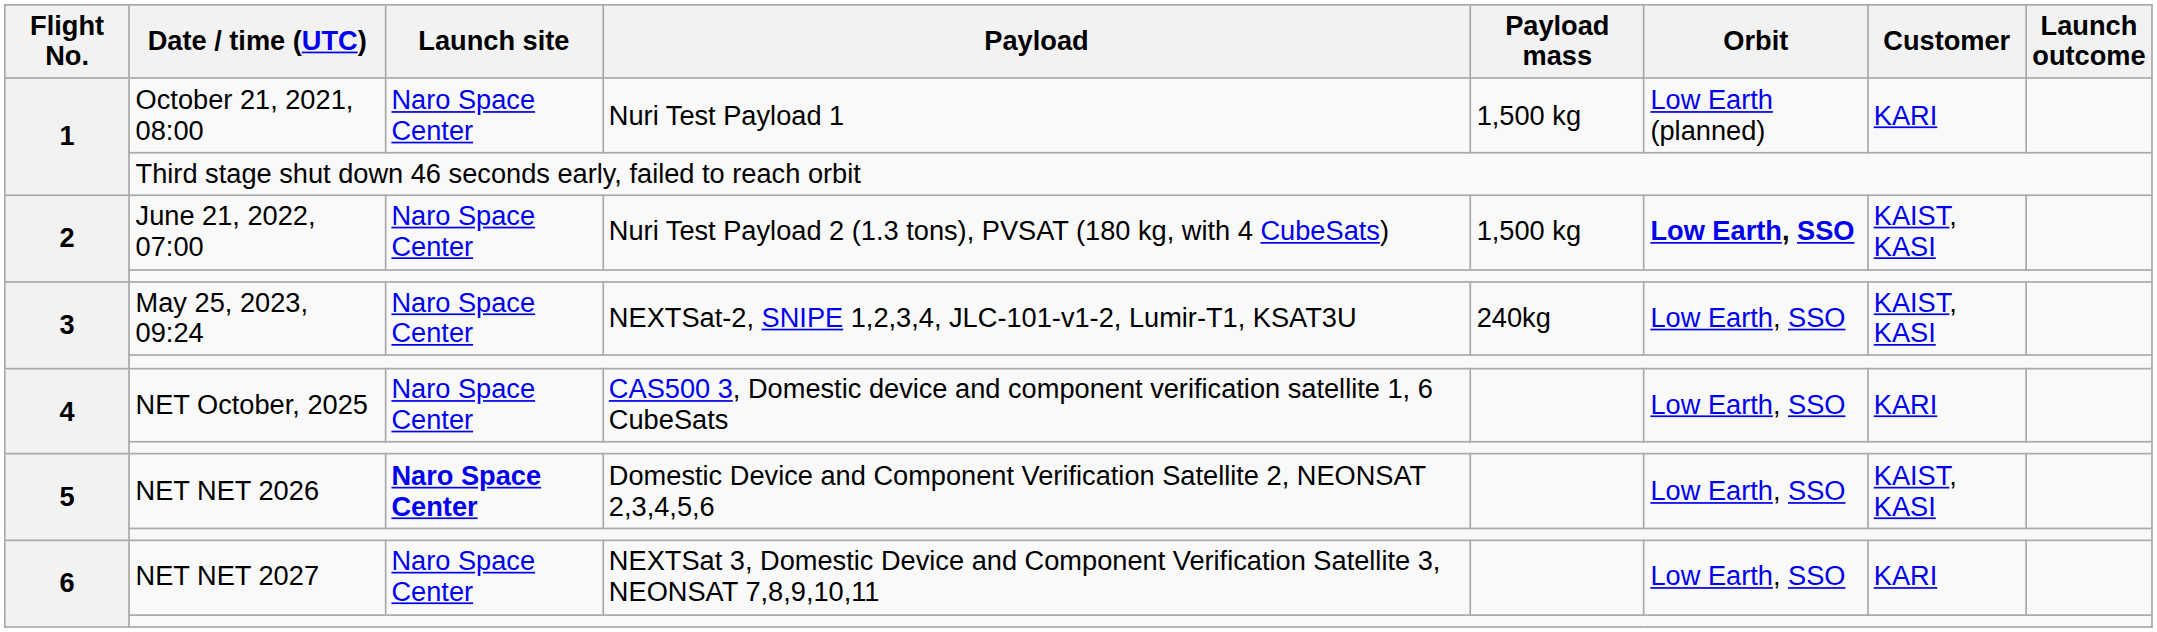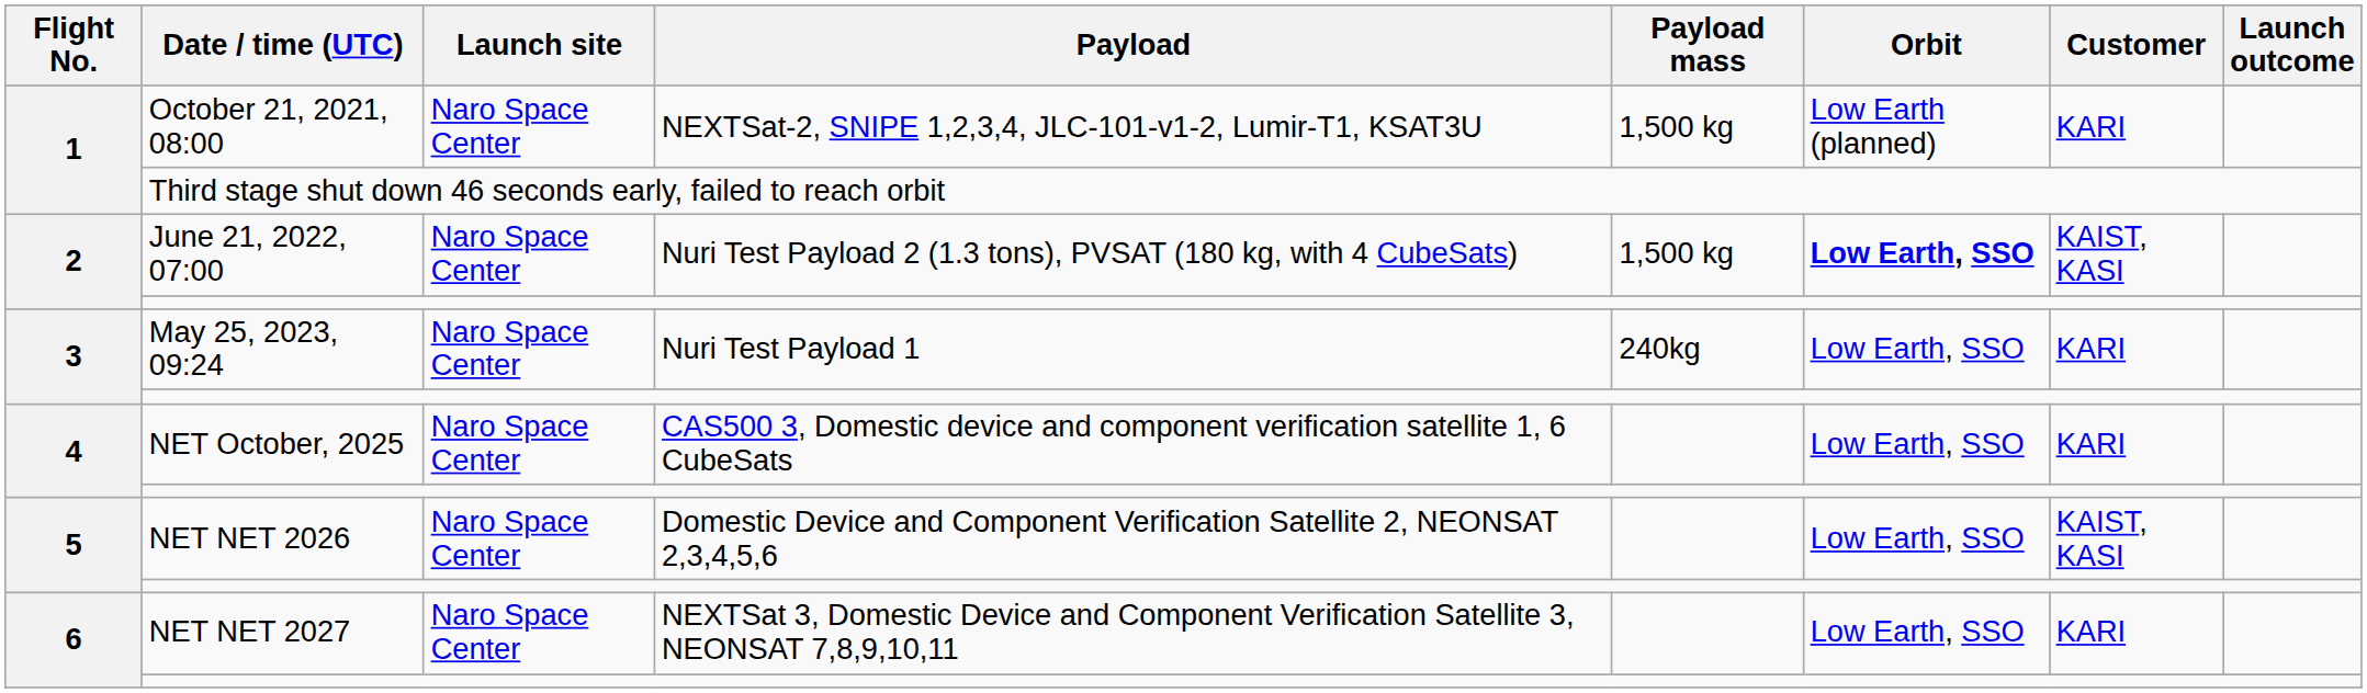 <table class="wikitable plainrowheaders" style="width: 100%;">
 <tr>
 <th scope="col">Flight No.</th>
 <th scope="col">Date / time (<a href='#'>UTC</a>)</th>
 <th scope="col">Launch site</th>
 <th scope="col">Payload</th>
 <th scope="col">Payload mass</th>
 <th scope="col">Orbit</th>
 <th scope="col">Customer</th>
 <th scope="col">Launch <br>outcome</th>
 </tr>
 <tr>
 <th scope="row" rowspan=2 style="text-align:center;"><strong>1</strong></th>
 <td>October 21, 2021, 08:00</td>
 <td><a href='#'>Naro Space Center</a></td>
-<td> Nuri Test Payload 1</td>
+<td> NEXTSat-2, <a href='#'>SNIPE</a> 1,2,3,4, JLC-101-v1-2, Lumir-T1, KSAT3U</td>
 <td>1,500 kg</td>
 <td><a href='#'>Low Earth</a> (planned)</td>
 <td><a href='#'>KARI</a></td>
 <td></td>
 </tr>
 <tr>
 <td colspan="7">Third stage shut down 46 seconds early, failed to reach orbit</td>
 </tr>
 <tr>
 <th scope="row" rowspan=2 style="text-align:center;"><strong>2</strong></th>
 <td>June 21, 2022, 07:00</td>
 <td><a href='#'>Naro Space Center</a></td>
 <td> Nuri Test Payload 2 (1.3 tons),  PVSAT (180 kg, with 4 <a href='#'>CubeSats</a>)</td>
 <td>1,500 kg</td>
 <td><strong><a href='#'>Low Earth</a>, <a href='#'>SSO</a></strong></td>
 <td><a href='#'>KAIST</a>, <a href='#'>KASI</a></td>
 <td></td>
 </tr>
 <tr>
 <td colspan="7"></td>
 </tr>
 <tr>
 <th scope="row" rowspan=2 style="text-align:center;"><strong>3</strong></th>
 <td>May 25, 2023, 09:24</td>
 <td><a href='#'>Naro Space Center</a></td>
-<td> NEXTSat-2, <a href='#'>SNIPE</a> 1,2,3,4, JLC-101-v1-2, Lumir-T1, KSAT3U</td>
+<td> Nuri Test Payload 1</td>
 <td>240kg</td>
 <td><a href='#'>Low Earth</a>, <a href='#'>SSO</a></td>
-<td><a href='#'>KAIST</a>, <a href='#'>KASI</a></td>
+<td><a href='#'>KARI</a></td>
 <td></td>
 </tr>
 <tr>
 <td colspan="7"></td>
 </tr>
 <tr>
 <th scope="row" rowspan=2 style="text-align:center;"><strong>4</strong></th>
 <td>NET October, 2025</td>
 <td><a href='#'>Naro Space Center</a></td>
 <td> <a href='#'>CAS500 3</a>, Domestic device and component verification satellite 1, 6 CubeSats</td>
 <td></td>
 <td><a href='#'>Low Earth</a>, <a href='#'>SSO</a></td>
 <td><a href='#'>KARI</a></td>
 <td></td>
 </tr>
 <tr>
 <td colspan="7"></td>
 </tr>
 <tr>
 <th rowspan="2"><strong>5</strong></th>
 <td>NET NET 2026</td>
-<td><strong><a href='#'>Naro Space Center</a></strong></td>
+<td><a href='#'>Naro Space Center</a></td>
 <td> Domestic Device and Component Verification Satellite 2, NEONSAT 2,3,4,5,6</td>
 <td></td>
 <td><a href='#'>Low Earth</a>, <a href='#'>SSO</a></td>
 <td><a href='#'>KAIST</a>, <a href='#'>KASI</a></td>
 <td></td>
 </tr>
 <tr>
 <td colspan="7"></td>
 </tr>
 <tr>
 <th rowspan="2"><strong>6</strong></th>
 <td>NET NET 2027</td>
 <td><a href='#'>Naro Space Center</a></td>
 <td> NEXTSat 3, Domestic Device and Component Verification Satellite 3, NEONSAT 7,8,9,10,11</td>
 <td></td>
 <td><a href='#'>Low Earth</a>, <a href='#'>SSO</a></td>
 <td><a href='#'>KARI</a></td>
 <td></td>
 </tr>
 <tr>
 <td colspan="7"></td>
 </tr>
 </table>
